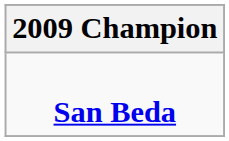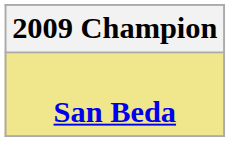 <table class=wikitable style="text-align:center; margin:auto">
 <tr>
 <th>2009 Champion</th>
 </tr>
 <tr>
-<td><br> <strong><a href='#'>San Beda</a></strong><br></td>
+<td style="background: khaki;"><br> <strong><a href='#'>San Beda</a></strong><br></td>
 </tr>
 </table>
